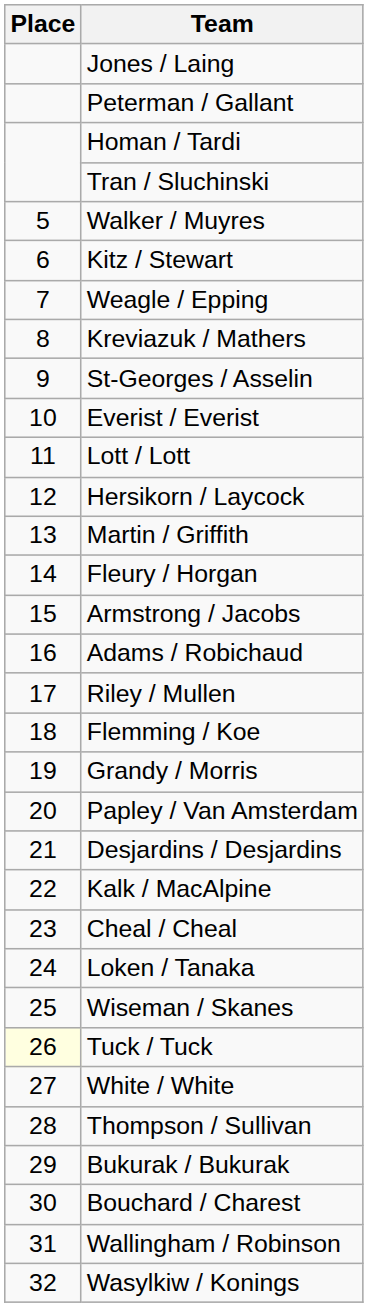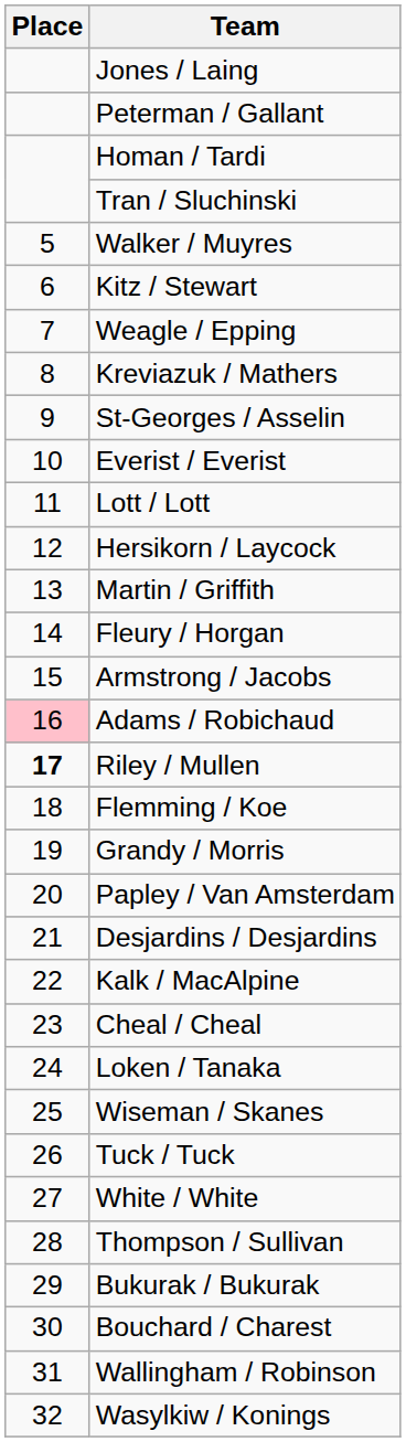 <table class="wikitable">
 <tr>
 <th>Place</th>
 <th>Team</th>
 </tr>
 <tr>
 <td align=center></td>
 <td> Jones / Laing</td>
 </tr>
 <tr>
 <td align=center></td>
 <td> Peterman / Gallant</td>
 </tr>
 <tr>
 <td align=center rowspan="2"></td>
 <td> Homan / Tardi</td>
 </tr>
 <tr>
 <td> Tran / Sluchinski</td>
 </tr>
 <tr>
 <td align=center>5</td>
 <td> Walker / Muyres</td>
 </tr>
 <tr>
 <td align=center>6</td>
 <td> Kitz / Stewart</td>
 </tr>
 <tr>
 <td align=center>7</td>
 <td> Weagle / Epping</td>
 </tr>
 <tr>
 <td align=center>8</td>
 <td> Kreviazuk / Mathers</td>
 </tr>
 <tr>
 <td align=center>9</td>
 <td> St-Georges / Asselin</td>
 </tr>
 <tr>
 <td align=center>10</td>
 <td> Everist / Everist</td>
 </tr>
 <tr>
 <td align=center>11</td>
 <td> Lott / Lott</td>
 </tr>
 <tr>
 <td align=center>12</td>
 <td> Hersikorn / Laycock</td>
 </tr>
 <tr>
 <td align=center>13</td>
 <td> Martin / Griffith</td>
 </tr>
 <tr>
 <td align=center>14</td>
 <td> Fleury / Horgan</td>
 </tr>
 <tr>
 <td align=center>15</td>
 <td> Armstrong / Jacobs</td>
 </tr>
 <tr>
-<td align=center>16</td>
+<td align=center style="background: pink;">16</td>
 <td> Adams / Robichaud</td>
 </tr>
 <tr>
-<td align=center>17</td>
+<td align=center><strong>17</strong></td>
 <td> Riley / Mullen</td>
 </tr>
 <tr>
 <td align=center>18</td>
 <td> Flemming / Koe</td>
 </tr>
 <tr>
 <td align=center>19</td>
 <td> Grandy / Morris</td>
 </tr>
 <tr>
 <td align=center>20</td>
 <td> Papley / Van Amsterdam</td>
 </tr>
 <tr>
 <td align=center>21</td>
 <td> Desjardins / Desjardins</td>
 </tr>
 <tr>
 <td align=center>22</td>
 <td> Kalk / MacAlpine</td>
 </tr>
 <tr>
 <td align=center>23</td>
 <td> Cheal / Cheal</td>
 </tr>
 <tr>
 <td align=center>24</td>
 <td> Loken / Tanaka</td>
 </tr>
 <tr>
 <td align=center>25</td>
 <td> Wiseman / Skanes</td>
 </tr>
 <tr>
-<td align=center style="background: lightyellow;">26</td>
+<td align=center>26</td>
 <td> Tuck / Tuck</td>
 </tr>
 <tr>
 <td align=center>27</td>
 <td> White / White</td>
 </tr>
 <tr>
 <td align=center>28</td>
 <td> Thompson / Sullivan</td>
 </tr>
 <tr>
 <td align=center>29</td>
 <td> Bukurak / Bukurak</td>
 </tr>
 <tr>
 <td align=center>30</td>
 <td> Bouchard / Charest</td>
 </tr>
 <tr>
 <td align=center>31</td>
 <td> Wallingham / Robinson</td>
 </tr>
 <tr>
 <td align=center>32</td>
 <td> Wasylkiw / Konings</td>
 </tr>
 </table>
